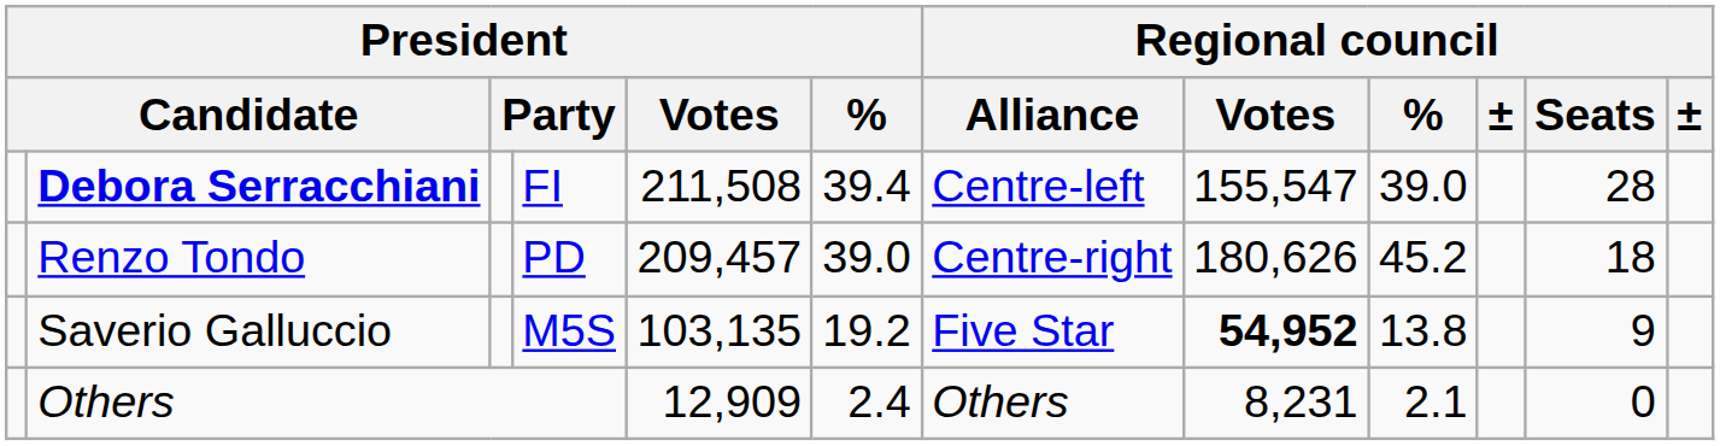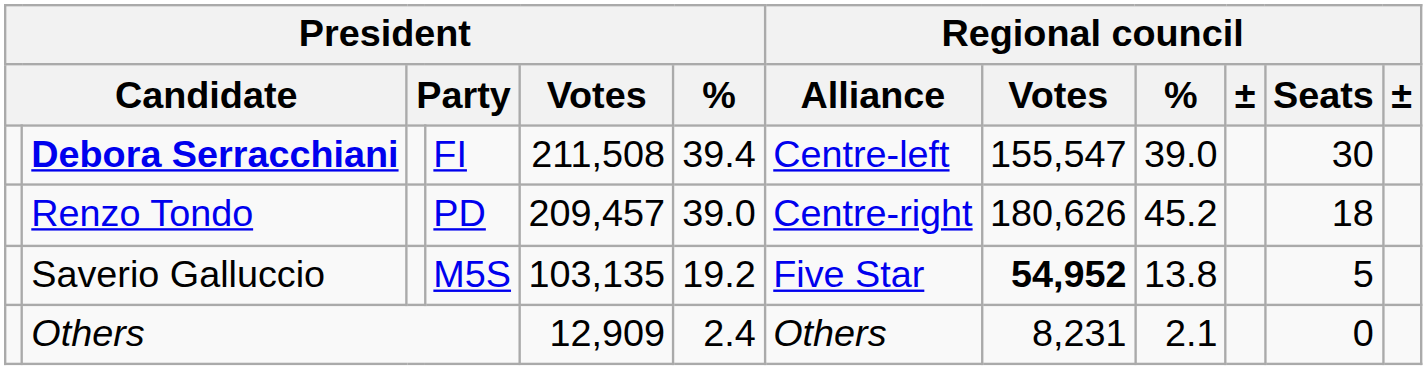 <table class="wikitable" style="text-align:right">
 <tr>
 <th colspan="6">President</th>
 <th colspan="6">Regional council</th>
 </tr>
 <tr>
 <th colspan="2">Candidate</th>
 <th colspan="2">Party</th>
 <th>Votes</th>
 <th>%</th>
 <th>Alliance</th>
 <th>Votes</th>
 <th>%</th>
 <th>±</th>
 <th>Seats</th>
 <th>±</th>
 </tr>
 <tr>
 <td></td>
 <td style="text-align:left"><strong><a href='#'>Debora Serracchiani</a></strong></td>
 <td></td>
 <td style="text-align:left"><a href='#'>FI</a></td>
 <td>211,508</td>
 <td>39.4</td>
 <td style="text-align:left"><a href='#'>Centre-left</a></td>
 <td>155,547</td>
 <td>39.0</td>
 <td></td>
-<td>28</td>
+<td>30</td>
 <td></td>
 </tr>
 <tr>
 <td></td>
 <td style="text-align:left"><a href='#'>Renzo Tondo</a></td>
 <td></td>
 <td style="text-align:left"><a href='#'>PD</a></td>
 <td>209,457</td>
 <td>39.0</td>
 <td style="text-align:left"><a href='#'>Centre-right</a></td>
 <td>180,626</td>
 <td>45.2</td>
 <td></td>
 <td>18</td>
 <td></td>
 </tr>
 <tr>
 <td></td>
 <td style="text-align:left">Saverio Galluccio</td>
 <td></td>
 <td style="text-align:left"><a href='#'>M5S</a></td>
 <td>103,135</td>
 <td>19.2</td>
 <td style="text-align:left"><a href='#'>Five Star</a></td>
 <td><strong>54,952</strong></td>
 <td>13.8</td>
 <td></td>
-<td>9</td>
+<td>5</td>
 <td></td>
 </tr>
 <tr>
 <td></td>
 <td colspan="3" style="text-align:left"><em>Others</em></td>
 <td>12,909</td>
 <td>2.4</td>
 <td style="text-align:left"><em>Others</em></td>
 <td>8,231</td>
 <td>2.1</td>
 <td></td>
 <td>0</td>
 <td></td>
 </tr>
 </table>
